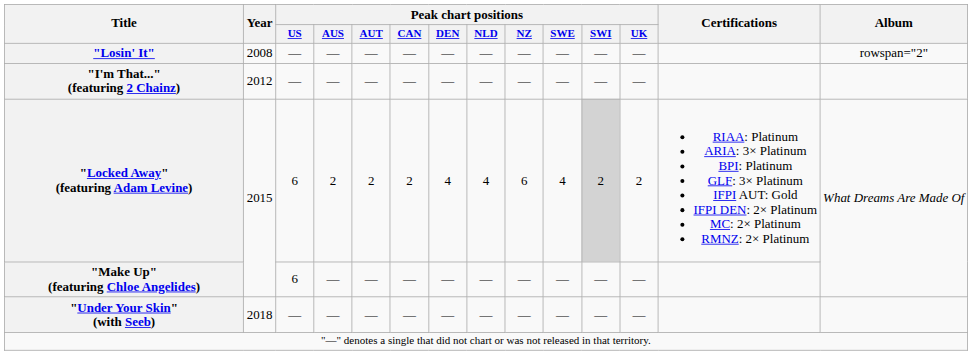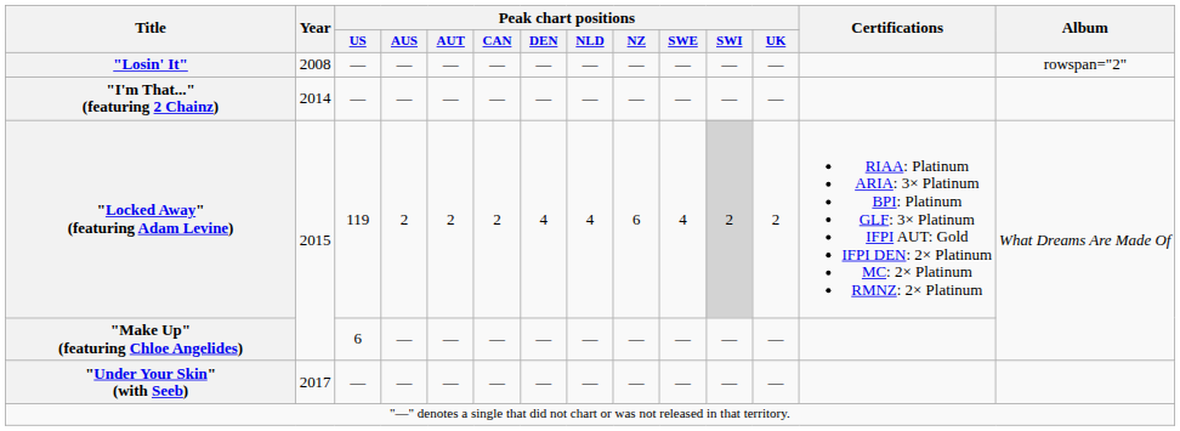 <table class="wikitable plainrowheaders" style="text-align:center;">
 <tr>
 <th scope="col" rowspan="2" style="width:18em;">Title</th>
 <th scope="col" rowspan="2" style="width:1em;">Year</th>
 <th scope="col" colspan="10">Peak chart positions</th>
 <th scope="col" rowspan="2">Certifications</th>
 <th scope="col" rowspan="2">Album</th>
 </tr>
 <tr>
 <th scope="col" style="width:3em;font-size:85%;"><a href='#'>US</a><br></th>
 <th scope="col" style="width:3em;font-size:85%;"><a href='#'>AUS</a><br></th>
 <th scope="col" style="width:3em;font-size:85%;"><a href='#'>AUT</a><br></th>
 <th scope="col" style="width:3em;font-size:85%;"><a href='#'>CAN</a><br></th>
 <th scope="col" style="width:3em;font-size:85%;"><a href='#'>DEN</a><br></th>
 <th scope="col" style="width:3em;font-size:85%;"><a href='#'>NLD</a><br></th>
 <th scope="col" style="width:3em;font-size:85%;"><a href='#'>NZ</a><br></th>
 <th scope="col" style="width:3em;font-size:85%;"><a href='#'>SWE</a><br></th>
 <th scope="col" style="width:3em;font-size:85%;"><a href='#'>SWI</a><br></th>
 <th scope="col" style="width:3em;font-size:85%;"><a href='#'>UK</a><br></th>
 </tr>
 <tr>
 <th scope="row"><a href='#'>"Losin' It"</a></th>
 <td>2008</td>
 <td>—</td>
 <td>—</td>
 <td>—</td>
 <td>—</td>
 <td>—</td>
 <td>—</td>
 <td>—</td>
 <td>—</td>
 <td>—</td>
 <td>—</td>
 <td></td>
 <td>rowspan="2" </td>
 </tr>
 <tr>
 <th scope="row">"I'm That..."<br><span>(featuring <a href='#'>2 Chainz</a>)</span></th>
-<td>2012</td>
+<td>2014</td>
 <td>—</td>
 <td>—</td>
 <td>—</td>
 <td>—</td>
 <td>—</td>
 <td>—</td>
 <td>—</td>
 <td>—</td>
 <td>—</td>
 <td>—</td>
 <td></td>
 </tr>
 <tr>
 <th scope="row">"<a href='#'>Locked Away</a>"<br><span>(featuring <a href='#'>Adam Levine</a>)</span></th>
 <td rowspan="2">2015</td>
-<td>6</td>
+<td>119</td>
 <td>2</td>
 <td>2</td>
 <td>2</td>
 <td>4</td>
 <td>4</td>
 <td>6</td>
 <td>4</td>
 <td style="background: lightgrey;">2</td>
 <td>2</td>
 <td><br><ul><li><a href='#'>RIAA</a>: Platinum</li><li><a href='#'>ARIA</a>: 3× Platinum</li><li><a href='#'>BPI</a>: Platinum</li><li><a href='#'>GLF</a>: 3× Platinum</li><li><a href='#'>IFPI</a> AUT: Gold</li><li><a href='#'>IFPI DEN</a>: 2× Platinum</li><li><a href='#'>MC</a>: 2× Platinum</li><li><a href='#'>RMNZ</a>: 2× Platinum</li></ul></td>
 <td rowspan="2"><em>What Dreams Are Made Of</em></td>
 </tr>
 <tr>
 <th scope="row">"Make Up"<br><span>(featuring <a href='#'>Chloe Angelides</a>)</span></th>
 <td>6</td>
 <td>—</td>
 <td>—</td>
 <td>—</td>
 <td>—</td>
 <td>—</td>
 <td>—</td>
 <td>—</td>
 <td>—</td>
 <td>—</td>
 </tr>
 <tr>
 <th scope="row">"<a href='#'>Under Your Skin</a>"<br><span>(with <a href='#'>Seeb</a>)</span></th>
-<td>2018</td>
+<td>2017</td>
 <td>—</td>
 <td>—</td>
 <td>—</td>
 <td>—</td>
 <td>—</td>
 <td>—</td>
 <td>—</td>
 <td>—</td>
 <td>—</td>
 <td>—</td>
 <td></td>
 <td></td>
 </tr>
 <tr>
 <td colspan="20" style="font-size:85%">"—" denotes a single that did not chart or was not released in that territory.</td>
 </tr>
 </table>
